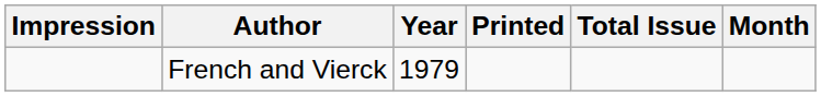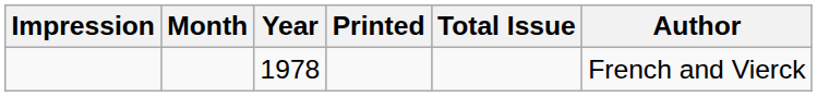 <table class="wikitable">
 <tr>
 <th>Impression</th>
-<th>Author</th>
+<th>Month</th>
 <th>Year</th>
 <th>Printed</th>
 <th>Total Issue</th>
-<th>Month</th>
+<th>Author</th>
 </tr>
 <tr>
 <td></td>
-<td>French and Vierck</td>
-<td>1979</td>
+<td></td>
+<td>1978</td>
 <td></td>
 <td></td>
-<td></td>
+<td>French and Vierck</td>
 </tr>
 </table>
